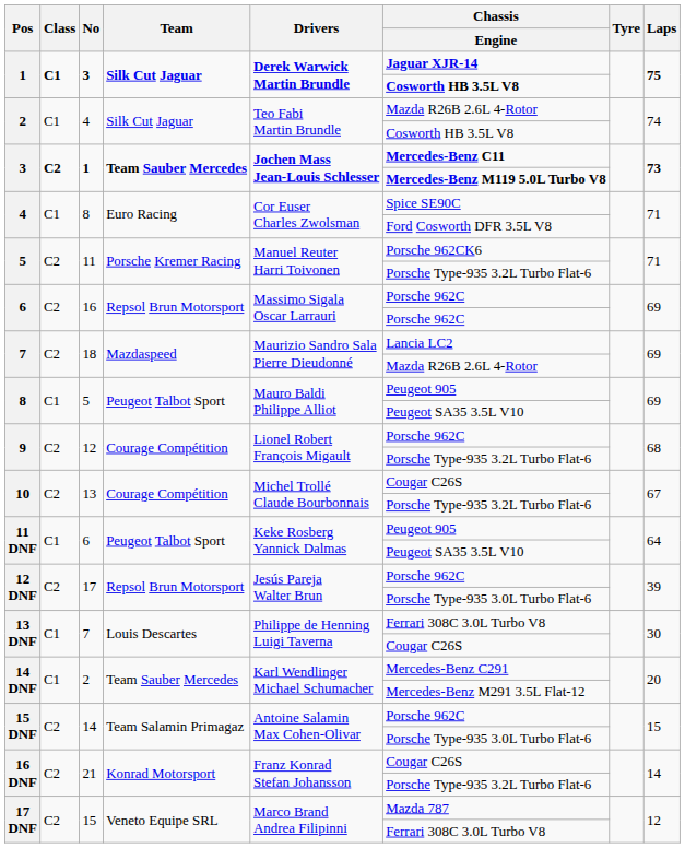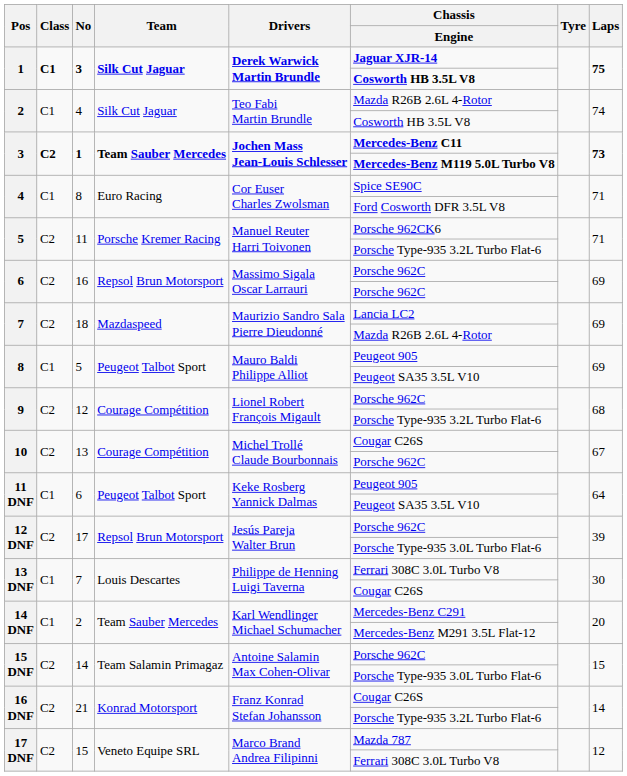 <table class="wikitable" style="font-size: 95%;">
 <tr>
 <th rowspan=2>Pos</th>
 <th rowspan=2>Class</th>
 <th rowspan=2>No</th>
 <th rowspan=2>Team</th>
 <th rowspan=2>Drivers</th>
 <th>Chassis</th>
 <th rowspan=2>Tyre</th>
 <th rowspan=2>Laps</th>
 </tr>
 <tr>
 <th>Engine</th>
 </tr>
 <tr style="font-weight:bold">
 <th rowspan=2>1</th>
 <td rowspan=2>C1</td>
 <td rowspan=2>3</td>
 <td rowspan=2> <a href='#'>Silk Cut</a> <a href='#'>Jaguar</a></td>
 <td rowspan=2> <a href='#'>Derek Warwick</a><br> <a href='#'>Martin Brundle</a></td>
 <td><a href='#'>Jaguar XJR-14</a></td>
 <td rowspan=2></td>
 <td rowspan=2>75</td>
 </tr>
 <tr style="font-weight:bold">
 <td><a href='#'>Cosworth</a> HB 3.5L V8</td>
 </tr>
 <tr>
 <th rowspan=2>2</th>
 <td rowspan=2>C1</td>
 <td rowspan=2>4</td>
 <td rowspan=2> <a href='#'>Silk Cut</a> <a href='#'>Jaguar</a></td>
 <td rowspan=2> <a href='#'>Teo Fabi</a><br> <a href='#'>Martin Brundle</a></td>
 <td><a href='#'>Mazda</a> R26B 2.6L 4-<a href='#'>Rotor</a></td>
 <td rowspan=2></td>
 <td rowspan=2>74</td>
 </tr>
 <tr>
 <td><a href='#'>Cosworth</a> HB 3.5L V8</td>
 </tr>
 <tr style="font-weight:bold">
 <th rowspan=2>3</th>
 <td rowspan=2>C2</td>
 <td rowspan=2>1</td>
 <td rowspan=2> Team <a href='#'>Sauber</a> <a href='#'>Mercedes</a></td>
 <td rowspan=2> <a href='#'>Jochen Mass</a><br> <a href='#'>Jean-Louis Schlesser</a></td>
 <td><a href='#'>Mercedes-Benz</a> C11</td>
 <td rowspan=2></td>
 <td rowspan=2>73</td>
 </tr>
 <tr style="font-weight:bold">
 <td><a href='#'>Mercedes-Benz</a> M119 5.0L Turbo V8</td>
 </tr>
 <tr>
 <th rowspan=2>4</th>
 <td rowspan=2>C1</td>
 <td rowspan=2>8</td>
 <td rowspan=2> Euro Racing</td>
 <td rowspan=2> <a href='#'>Cor Euser</a><br> <a href='#'>Charles Zwolsman</a></td>
 <td><a href='#'>Spice SE90C</a></td>
 <td rowspan=2></td>
 <td rowspan=2>71</td>
 </tr>
 <tr>
 <td><a href='#'>Ford</a> <a href='#'>Cosworth</a> DFR 3.5L V8</td>
 </tr>
 <tr>
 <th rowspan=2>5</th>
 <td rowspan=2>C2</td>
 <td rowspan=2>11</td>
 <td rowspan=2> <a href='#'>Porsche</a> <a href='#'>Kremer Racing</a></td>
 <td rowspan=2> <a href='#'>Manuel Reuter</a><br> <a href='#'>Harri Toivonen</a></td>
 <td><a href='#'>Porsche 962CK</a>6</td>
 <td rowspan=2></td>
 <td rowspan=2>71</td>
 </tr>
 <tr>
 <td><a href='#'>Porsche</a> Type-935 3.2L Turbo Flat-6</td>
 </tr>
 <tr>
 <th rowspan=2>6</th>
 <td rowspan=2>C2</td>
 <td rowspan=2>16</td>
 <td rowspan=2> <a href='#'>Repsol</a> <a href='#'>Brun Motorsport</a></td>
 <td rowspan=2> <a href='#'>Massimo Sigala</a><br> <a href='#'>Oscar Larrauri</a></td>
 <td><a href='#'>Porsche 962C</a></td>
 <td rowspan=2></td>
 <td rowspan=2>69</td>
 </tr>
 <tr>
 <td><a href='#'>Porsche 962C</a></td>
 </tr>
 <tr>
 <th rowspan=2>7</th>
 <td rowspan=2>C2</td>
 <td rowspan=2>18</td>
 <td rowspan=2> <a href='#'>Mazdaspeed</a></td>
 <td rowspan=2> <a href='#'>Maurizio Sandro Sala</a><br> <a href='#'>Pierre Dieudonné</a></td>
 <td><a href='#'>Lancia LC2</a></td>
 <td rowspan=2></td>
 <td rowspan=2>69</td>
 </tr>
 <tr>
 <td><a href='#'>Mazda</a> R26B 2.6L 4-<a href='#'>Rotor</a></td>
 </tr>
 <tr>
 <th rowspan=2>8</th>
 <td rowspan=2>C1</td>
 <td rowspan=2>5</td>
 <td rowspan=2> <a href='#'>Peugeot</a> <a href='#'>Talbot</a> Sport</td>
 <td rowspan=2> <a href='#'>Mauro Baldi</a><br> <a href='#'>Philippe Alliot</a></td>
 <td><a href='#'>Peugeot 905</a></td>
 <td rowspan=2></td>
 <td rowspan=2>69</td>
 </tr>
 <tr>
 <td><a href='#'>Peugeot</a> SA35 3.5L V10</td>
 </tr>
 <tr>
 <th rowspan=2>9</th>
 <td rowspan=2>C2</td>
 <td rowspan=2>12</td>
 <td rowspan=2> <a href='#'>Courage Compétition</a></td>
 <td rowspan=2> <a href='#'>Lionel Robert</a><br> <a href='#'>François Migault</a></td>
 <td><a href='#'>Porsche 962C</a></td>
 <td rowspan=2></td>
 <td rowspan=2>68</td>
 </tr>
 <tr>
 <td><a href='#'>Porsche</a> Type-935 3.2L Turbo Flat-6</td>
 </tr>
 <tr>
 <th rowspan=2>10</th>
 <td rowspan=2>C2</td>
 <td rowspan=2>13</td>
 <td rowspan=2> <a href='#'>Courage Compétition</a></td>
 <td rowspan=2> <a href='#'>Michel Trollé</a><br> <a href='#'>Claude Bourbonnais</a></td>
 <td><a href='#'>Cougar</a> C26S</td>
 <td rowspan=2></td>
 <td rowspan=2>67</td>
 </tr>
 <tr>
-<td><a href='#'>Porsche</a> Type-935 3.2L Turbo Flat-6</td>
+<td><a href='#'>Porsche 962C</a></td>
 </tr>
 <tr>
 <th rowspan=2>11<br>DNF</th>
 <td rowspan=2>C1</td>
 <td rowspan=2>6</td>
 <td rowspan=2> <a href='#'>Peugeot</a> <a href='#'>Talbot</a> Sport</td>
 <td rowspan=2> <a href='#'>Keke Rosberg</a><br> <a href='#'>Yannick Dalmas</a></td>
 <td><a href='#'>Peugeot 905</a></td>
 <td rowspan=2></td>
 <td rowspan=2>64</td>
 </tr>
 <tr>
 <td><a href='#'>Peugeot</a> SA35 3.5L V10</td>
 </tr>
 <tr>
 <th rowspan=2>12<br>DNF</th>
 <td rowspan=2>C2</td>
 <td rowspan=2>17</td>
 <td rowspan=2> <a href='#'>Repsol</a> <a href='#'>Brun Motorsport</a></td>
 <td rowspan=2> <a href='#'>Jesús Pareja</a><br> <a href='#'>Walter Brun</a></td>
 <td><a href='#'>Porsche 962C</a></td>
 <td rowspan=2></td>
 <td rowspan=2>39</td>
 </tr>
 <tr>
 <td><a href='#'>Porsche</a> Type-935 3.0L Turbo Flat-6</td>
 </tr>
 <tr>
 <th rowspan=2>13<br>DNF</th>
 <td rowspan=2>C1</td>
 <td rowspan=2>7</td>
 <td rowspan=2> Louis Descartes</td>
 <td rowspan=2> <a href='#'>Philippe de Henning</a><br> <a href='#'>Luigi Taverna</a></td>
 <td><a href='#'>Ferrari</a> 308C 3.0L Turbo V8</td>
 <td rowspan=2></td>
 <td rowspan=2>30</td>
 </tr>
 <tr>
 <td><a href='#'>Cougar</a> C26S</td>
 </tr>
 <tr>
 <th rowspan=2>14<br>DNF</th>
 <td rowspan=2>C1</td>
 <td rowspan=2>2</td>
 <td rowspan=2> Team <a href='#'>Sauber</a> <a href='#'>Mercedes</a></td>
 <td rowspan=2> <a href='#'>Karl Wendlinger</a><br> <a href='#'>Michael Schumacher</a></td>
 <td><a href='#'>Mercedes-Benz C291</a></td>
 <td rowspan=2></td>
 <td rowspan=2>20</td>
 </tr>
 <tr>
 <td><a href='#'>Mercedes-Benz</a> M291 3.5L Flat-12</td>
 </tr>
 <tr>
 <th rowspan=2>15<br>DNF</th>
 <td rowspan=2>C2</td>
 <td rowspan=2>14</td>
 <td rowspan=2> Team Salamin Primagaz</td>
 <td rowspan=2> <a href='#'>Antoine Salamin</a><br> <a href='#'>Max Cohen-Olivar</a></td>
 <td><a href='#'>Porsche 962C</a></td>
 <td rowspan=2></td>
 <td rowspan=2>15</td>
 </tr>
 <tr>
 <td><a href='#'>Porsche</a> Type-935 3.0L Turbo Flat-6</td>
 </tr>
 <tr>
 <th rowspan=2>16<br>DNF</th>
 <td rowspan=2>C2</td>
 <td rowspan=2>21</td>
 <td rowspan=2> <a href='#'>Konrad Motorsport</a></td>
 <td rowspan=2> <a href='#'>Franz Konrad</a><br> <a href='#'>Stefan Johansson</a></td>
 <td><a href='#'>Cougar</a> C26S</td>
 <td rowspan=2></td>
 <td rowspan=2>14</td>
 </tr>
 <tr>
 <td><a href='#'>Porsche</a> Type-935 3.2L Turbo Flat-6</td>
 </tr>
 <tr>
 <th rowspan=2>17<br>DNF</th>
 <td rowspan=2>C2</td>
 <td rowspan=2>15</td>
 <td rowspan=2> Veneto Equipe SRL</td>
 <td rowspan=2> <a href='#'>Marco Brand</a><br> <a href='#'>Andrea Filipinni</a></td>
 <td><a href='#'>Mazda 787</a></td>
 <td rowspan=2></td>
 <td rowspan=2>12</td>
 </tr>
 <tr>
 <td><a href='#'>Ferrari</a> 308C 3.0L Turbo V8</td>
 </tr>
 </table>
